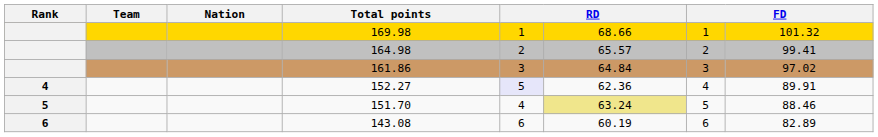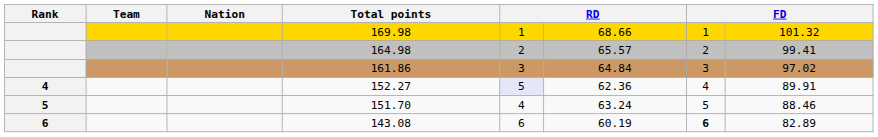 <table class="wikitable sortable" style="text-align:center;" width="80%">
 <tr>
 <th scope="col">Rank</th>
 <th scope="col">Team</th>
 <th scope="col">Nation</th>
 <th scope="col">Total points</th>
 <th scope="col" colspan="2" width="80px"><a href='#'>RD</a></th>
 <th scope="col" colspan="2" width="80px"><a href='#'>FD</a></th>
 </tr>
 <tr bgcolor="gold">
 <th scope="row"></th>
 <td align="left"></td>
 <td align="left"></td>
 <td>169.98</td>
 <td>1</td>
 <td>68.66</td>
 <td>1</td>
 <td>101.32</td>
 </tr>
 <tr bgcolor="silver">
 <th scope="row"></th>
 <td align="left"></td>
 <td align="left"></td>
 <td>164.98</td>
 <td>2</td>
 <td>65.57</td>
 <td>2</td>
 <td>99.41</td>
 </tr>
 <tr bgcolor="cc9966">
 <th scope="row"></th>
 <td align="left"></td>
 <td align="left"></td>
 <td>161.86</td>
 <td>3</td>
 <td>64.84</td>
 <td>3</td>
 <td>97.02</td>
 </tr>
 <tr>
 <th scope="row">4</th>
 <td align="left"></td>
 <td align="left"></td>
 <td>152.27</td>
 <td style="background: lavender;">5</td>
 <td>62.36</td>
 <td>4</td>
 <td>89.91</td>
 </tr>
 <tr>
 <th scope="row">5</th>
 <td align="left"></td>
 <td align="left"></td>
 <td>151.70</td>
 <td>4</td>
-<td style="background: khaki;">63.24</td>
+<td>63.24</td>
 <td>5</td>
 <td>88.46</td>
 </tr>
 <tr>
 <th scope="row">6</th>
 <td align="left"></td>
 <td align="left"></td>
 <td>143.08</td>
 <td>6</td>
 <td>60.19</td>
-<td>6</td>
+<td><strong>6</strong></td>
 <td>82.89</td>
 </tr>
 </table>
